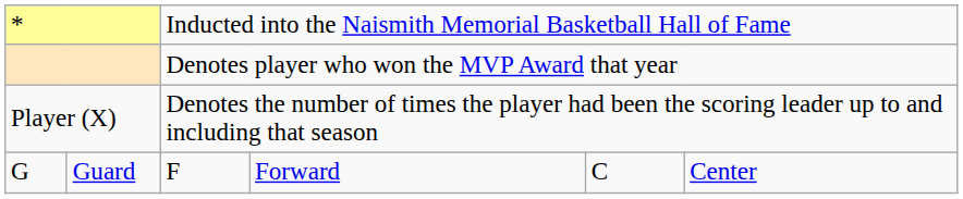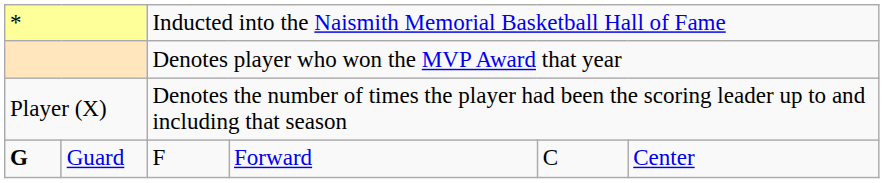 <table class="wikitable">
 <tr>
 <td style="background-color:#FFFF99; width:6em" colspan=2>*</td>
 <td colspan=5>Inducted into the <a href='#'>Naismith Memorial Basketball Hall of Fame</a></td>
 </tr>
 <tr>
 <td style="background-color:#FFE6BD; border:1px solid #aaaaaa; width:6em" colspan=2></td>
 <td colspan=5>Denotes player who won the <a href='#'>MVP Award</a> that year</td>
 </tr>
 <tr>
 <td colspan=2>Player (X)</td>
 <td colspan=5>Denotes the number of times the player had been the scoring leader up to and including that season</td>
 </tr>
 <tr>
-<td style="width:2em">G</td>
+<td style="width:2em"><strong>G</strong></td>
 <td colspan=2><a href='#'>Guard</a></td>
 <td>F</td>
 <td><a href='#'>Forward</a></td>
 <td>C</td>
 <td><a href='#'>Center</a></td>
 </tr>
 </table>
